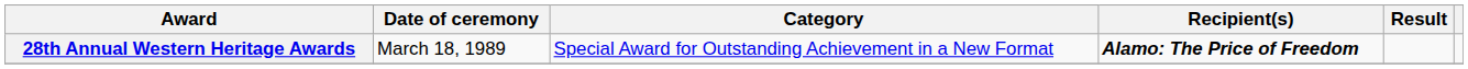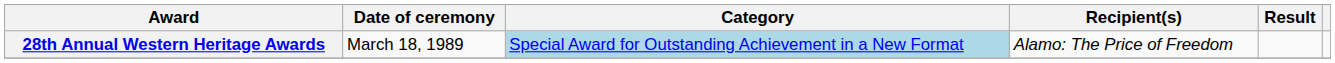 <table class="wikitable sortable plainrowheaders" style="width: 100%;">
 <tr>
 <th scope="col">Award</th>
 <th scope="col">Date of ceremony</th>
 <th scope="col">Category</th>
 <th scope="col">Recipient(s)</th>
 <th scope="col">Result</th>
 <th scope="col" class="unsortable"></th>
 </tr>
 <tr>
 <th scope="row"><a href='#'>28th Annual Western Heritage Awards</a></th>
 <td>March 18, 1989</td>
-<td><a href='#'>Special Award for Outstanding Achievement in a New Format</a></td>
-<td><strong><em>Alamo: The Price of Freedom</em></strong></td>
+<td style="background: lightblue;"><a href='#'>Special Award for Outstanding Achievement in a New Format</a></td>
+<td><em>Alamo: The Price of Freedom</em></td>
 <td></td>
 <td align="center"></td>
 </tr>
 <tr>
 </tr>
 </table>
